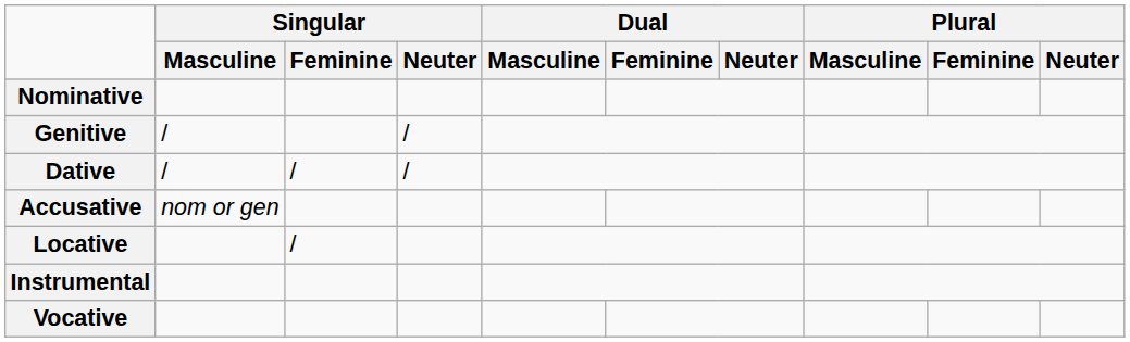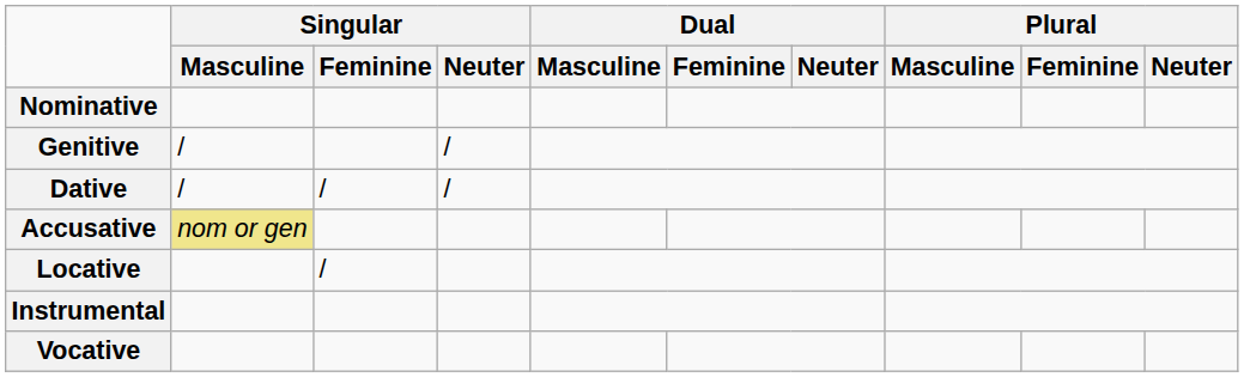 <table class="wikitable">
 <tr>
 <td rowspan="2"></td>
 <th colspan="3">Singular</th>
 <th colspan="3">Dual</th>
 <th colspan="3">Plural</th>
 </tr>
 <tr>
 <th>Masculine</th>
 <th>Feminine</th>
 <th>Neuter</th>
 <th>Masculine</th>
 <th>Feminine</th>
 <th>Neuter</th>
 <th>Masculine</th>
 <th>Feminine</th>
 <th>Neuter</th>
 </tr>
 <tr>
 <th>Nominative</th>
 <td></td>
 <td></td>
 <td></td>
 <td></td>
 <td colspan="2"></td>
 <td></td>
 <td></td>
 <td></td>
 </tr>
 <tr>
 <th>Genitive</th>
 <td> / </td>
 <td></td>
 <td> / </td>
 <td colspan="3"></td>
 <td colspan="3"></td>
 </tr>
 <tr>
 <th>Dative</th>
 <td> / </td>
 <td> / </td>
 <td> / </td>
 <td colspan="3"></td>
 <td colspan="3"></td>
 </tr>
 <tr>
 <th>Accusative</th>
-<td><em>nom or gen</em></td>
+<td style="background: khaki;"><em>nom or gen</em></td>
 <td></td>
 <td></td>
 <td></td>
 <td colspan="2"></td>
 <td></td>
 <td></td>
 <td></td>
 </tr>
 <tr>
 <th>Locative</th>
 <td></td>
 <td> / </td>
 <td></td>
 <td colspan="3"></td>
 <td colspan="3"></td>
 </tr>
 <tr>
 <th>Instrumental</th>
 <td></td>
 <td></td>
 <td></td>
 <td colspan="3"></td>
 <td colspan="3"></td>
 </tr>
 <tr>
 <th>Vocative</th>
 <td></td>
 <td></td>
 <td></td>
 <td></td>
 <td colspan="2"></td>
 <td></td>
 <td></td>
 <td></td>
 </tr>
 </table>
